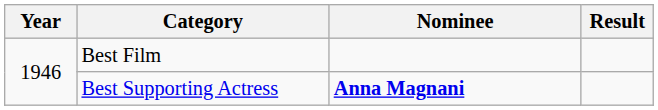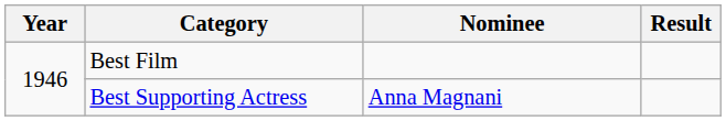 <table class="wikitable plainrowheaders sortable" cellpadding="4" style="font-size: 95%">
 <tr>
 <th width="10%">Year</th>
 <th width="35%">Category</th>
 <th width="35%">Nominee</th>
 <th width="10%">Result</th>
 </tr>
 <tr>
 <td style="text-align:center;" rowspan="2">1946</td>
 <td>Best Film</td>
 <td></td>
 <td></td>
 </tr>
 <tr>
 <td><a href='#'>Best Supporting Actress</a></td>
-<td><strong><a href='#'>Anna Magnani</a></strong></td>
+<td><a href='#'>Anna Magnani</a></td>
 <td></td>
 </tr>
 </table>
